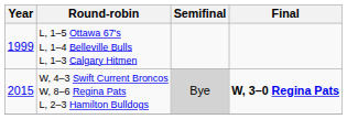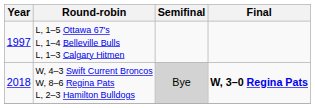 <table class="wikitable" style="text-align:center">
 <tr>
 <th>Year</th>
 <th>Round-robin</th>
 <th>Semifinal</th>
 <th>Final</th>
 </tr>
 <tr>
-<td><a href='#'>1999</a></td>
+<td><a href='#'>1997</a></td>
 <td align=left><small>L, 1–5 <a href='#'>Ottawa 67's</a><br>L, 1–4 <a href='#'>Belleville Bulls</a><br>L, 1–3 <a href='#'>Calgary Hitmen</a></small></td>
 <td></td>
 <td></td>
 </tr>
 <tr>
-<td><a href='#'>2015</a></td>
+<td><a href='#'>2018</a></td>
 <td align=left><small>W, 4–3 <a href='#'>Swift Current Broncos</a><br>W, 8–6 <a href='#'>Regina Pats</a><br>L, 2–3 <a href='#'>Hamilton Bulldogs</a></small></td>
 <td style="background: lightgrey;">Bye</td>
 <td><strong>W, 3–0 <a href='#'>Regina Pats</a></strong></td>
 </tr>
 <tr>
 </tr>
 </table>
